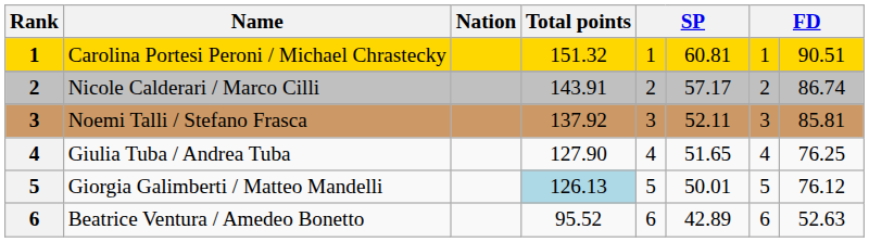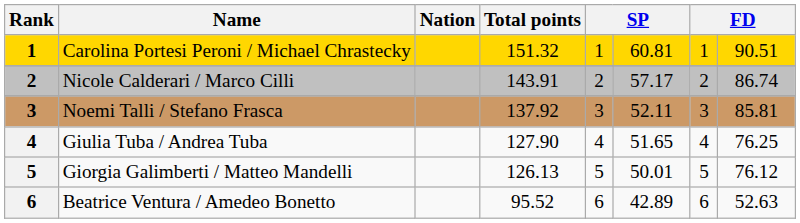 <table class="wikitable sortable">
 <tr>
 <th>Rank</th>
 <th>Name</th>
 <th>Nation</th>
 <th>Total points</th>
 <th colspan="2" width="80px"><a href='#'>SP</a></th>
 <th colspan="2" width="80px"><a href='#'>FD</a></th>
 </tr>
 <tr bgcolor="gold">
 <td align="center"><strong>1</strong></td>
 <td>Carolina Portesi Peroni / Michael Chrastecky</td>
 <td></td>
 <td align="center">151.32</td>
 <td align="center">1</td>
 <td align="center">60.81</td>
 <td align="center">1</td>
 <td align="center">90.51</td>
 </tr>
 <tr>
 </tr>
 <tr bgcolor="silver">
 <td align="center"><strong>2</strong></td>
 <td>Nicole Calderari / Marco Cilli</td>
 <td></td>
 <td align="center">143.91</td>
 <td align="center">2</td>
 <td align="center">57.17</td>
 <td align="center">2</td>
 <td align="center">86.74</td>
 </tr>
 <tr>
 </tr>
 <tr bgcolor="cc9966">
 <td align="center"><strong>3</strong></td>
 <td>Noemi Talli / Stefano Frasca</td>
 <td></td>
 <td align="center">137.92</td>
 <td align="center">3</td>
 <td align="center">52.11</td>
 <td align="center">3</td>
 <td align="center">85.81</td>
 </tr>
 <tr>
 <th>4</th>
 <td>Giulia Tuba / Andrea Tuba</td>
 <td></td>
 <td align="center">127.90</td>
 <td align="center">4</td>
 <td align="center">51.65</td>
 <td align="center">4</td>
 <td align="center">76.25</td>
 </tr>
 <tr>
 <th>5</th>
 <td>Giorgia Galimberti / Matteo Mandelli</td>
 <td></td>
-<td align="center" style="background: lightblue;">126.13</td>
+<td align="center">126.13</td>
 <td align="center">5</td>
 <td align="center">50.01</td>
 <td align="center">5</td>
 <td align="center">76.12</td>
 </tr>
 <tr>
 <th>6</th>
 <td>Beatrice Ventura / Amedeo Bonetto</td>
 <td></td>
 <td align="center">95.52</td>
 <td align="center">6</td>
 <td align="center">42.89</td>
 <td align="center">6</td>
 <td align="center">52.63</td>
 </tr>
 </table>
